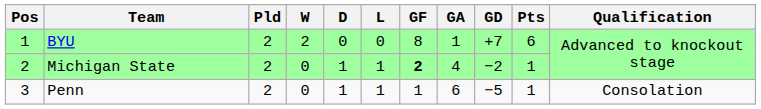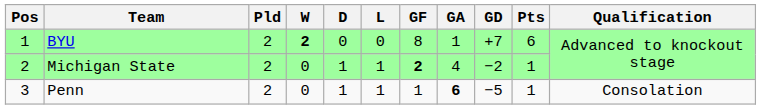 <table class="wikitable" style="text-align:center; margin: 1em auto">
 <tr>
 <th style="width:2em">Pos</th>
 <th style="width:13em">Team</th>
 <th style="width:2em">Pld</th>
 <th style="width:2em">W</th>
 <th style="width:2em">D</th>
 <th style="width:2em">L</th>
 <th style="width:2em">GF</th>
 <th style="width:2em">GA</th>
 <th style="width:2em">GD</th>
 <th style="width:2em">Pts</th>
 <th style="width:13em">Qualification</th>
 </tr>
 <tr bgcolor="#9eff9e">
 <td>1</td>
 <td style="text-align:left"><a href='#'>BYU</a></td>
 <td>2</td>
-<td>2</td>
+<td><strong>2</strong></td>
 <td>0</td>
 <td>0</td>
 <td>8</td>
 <td>1</td>
 <td>+7</td>
 <td>6</td>
 <td rowspan="2">Advanced to knockout stage</td>
 </tr>
 <tr bgcolor="#9eff9e">
 <td>2</td>
 <td style="text-align:left">Michigan State</td>
 <td>2</td>
 <td>0</td>
 <td>1</td>
 <td>1</td>
 <td><strong>2</strong></td>
 <td>4</td>
 <td>−2</td>
 <td>1</td>
 </tr>
 <tr>
 <td>3</td>
 <td style="text-align:left">Penn</td>
 <td>2</td>
 <td>0</td>
 <td>1</td>
 <td>1</td>
 <td>1</td>
-<td>6</td>
+<td><strong>6</strong></td>
 <td>−5</td>
 <td>1</td>
 <td>Consolation</td>
 </tr>
 </table>
